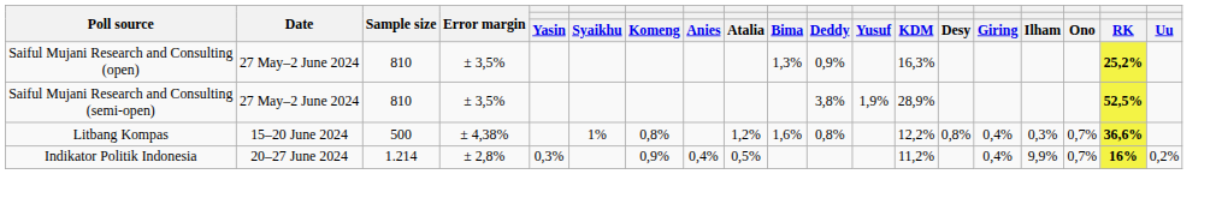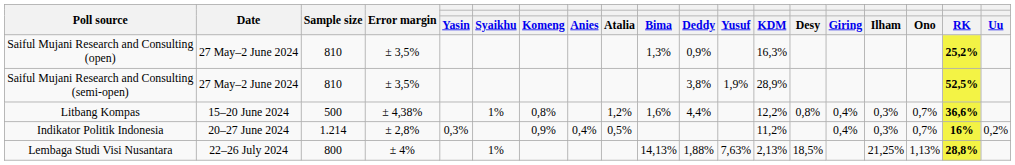 <table class="wikitable sortable mw-datatable" style="text-align:center;font-size:90%;line-height:17px">
 <tr>
 <th rowspan="3">Poll source</th>
 <th rowspan="3">Date</th>
 <th rowspan="3">Sample size</th>
 <th rowspan="3">Error margin</th>
 <th></th>
 <th></th>
 <th></th>
 <th></th>
 <th></th>
 <th></th>
 <th></th>
 <th></th>
 <th></th>
 <th></th>
 <th></th>
 <th></th>
 <th></th>
 <th></th>
 <th></th>
 </tr>
 <tr>
 <th style="background:"></th>
 <th style="background:"></th>
 <th style="background:"></th>
 <th style="background:"></th>
 <th style="background:"></th>
 <th style="background:"></th>
 <th style="background:"></th>
 <th style="background:"></th>
 <th style="background:"></th>
 <th style="background:"></th>
 <th style="background:"></th>
 <th style="background:"></th>
 <th style="background:"></th>
 <th style="background:"></th>
 <th style="background:"></th>
 </tr>
 <tr>
 <th><a href='#'>Yasin</a></th>
 <th><a href='#'>Syaikhu</a></th>
 <th><a href='#'>Komeng</a></th>
 <th><a href='#'>Anies</a></th>
 <th>Atalia</th>
 <th><a href='#'>Bima</a></th>
 <th><a href='#'>Deddy</a></th>
 <th><a href='#'>Yusuf</a></th>
 <th><a href='#'>KDM</a></th>
 <th>Desy</th>
 <th><a href='#'>Giring</a></th>
 <th>Ilham</th>
 <th>Ono</th>
 <th><a href='#'>RK</a></th>
 <th><a href='#'>Uu</a></th>
 </tr>
 <tr>
 <td>Saiful Mujani Research and Consulting<br>(open)</td>
 <td>27 May–2 June 2024</td>
 <td>810</td>
 <td>± 3,5%</td>
 <td></td>
 <td></td>
 <td></td>
 <td></td>
 <td></td>
 <td>1,3%</td>
 <td>0,9%</td>
 <td></td>
 <td>16,3%</td>
 <td></td>
 <td></td>
 <td></td>
 <td></td>
 <td bgcolor="#F3F345"><strong>25,2%</strong></td>
 <td></td>
 </tr>
 <tr>
 <td>Saiful Mujani Research and Consulting<br>(semi-open)</td>
 <td>27 May–2 June 2024</td>
 <td>810</td>
 <td>± 3,5%</td>
 <td></td>
 <td></td>
 <td></td>
 <td></td>
 <td></td>
 <td></td>
 <td>3,8%</td>
 <td>1,9%</td>
 <td>28,9%</td>
 <td></td>
 <td></td>
 <td></td>
 <td></td>
 <td bgcolor="#F3F345"><strong>52,5%</strong></td>
 <td></td>
 </tr>
 <tr>
 <td>Litbang Kompas</td>
 <td>15–20 June 2024</td>
 <td>500</td>
 <td>± 4,38%</td>
 <td></td>
 <td>1%</td>
 <td>0,8%</td>
 <td></td>
 <td>1,2%</td>
 <td>1,6%</td>
-<td>0,8%</td>
+<td>4,4%</td>
 <td></td>
 <td>12,2%</td>
 <td>0,8%</td>
 <td>0,4%</td>
 <td>0,3%</td>
 <td>0,7%</td>
 <td bgcolor="#F3F345"><strong>36,6%</strong></td>
 <td></td>
 </tr>
 <tr>
 <td>Indikator Politik Indonesia</td>
 <td>20–27 June 2024</td>
 <td>1.214</td>
 <td>± 2,8%</td>
 <td>0,3%</td>
 <td></td>
 <td>0,9%</td>
 <td>0,4%</td>
 <td>0,5%</td>
 <td></td>
 <td></td>
 <td></td>
 <td>11,2%</td>
 <td></td>
 <td>0,4%</td>
-<td>9,9%</td>
+<td>0,3%</td>
 <td>0,7%</td>
 <td bgcolor="#F3F345"><strong>16%</strong></td>
 <td>0,2%</td>
 </tr>
+<tr>
+<td>Lembaga Studi Visi Nusantara</td>
+<td>22–26 July 2024</td>
+<td>800</td>
+<td>± 4%</td>
+<td></td>
+<td>1%</td>
+<td></td>
+<td></td>
+<td></td>
+<td>14,13%</td>
+<td>1,88%</td>
+<td>7,63%</td>
+<td>2,13%</td>
+<td>18,5%</td>
+<td></td>
+<td>21,25%</td>
+<td>1,13%</td>
+<td bgcolor="#F3F345"><strong>28,8%</strong></td>
+<td></td>
+</tr>
 </table>
